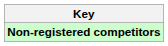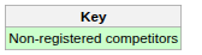 <table class="wikitable" style="font-size: 85%;">
 <tr>
 <th colspan=2>Key</th>
 </tr>
 <tr style="background:#ccffcc;">
-<td><strong>Non-registered competitors</strong></td>
+<td>Non-registered competitors</td>
 </tr>
 </table>
